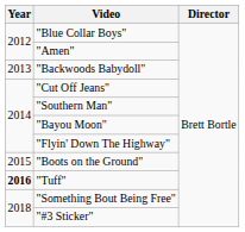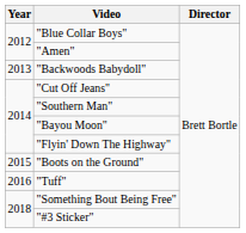 <table class="wikitable">
 <tr>
 <th>Year</th>
 <th>Video</th>
 <th>Director</th>
 </tr>
 <tr>
 <td rowspan="2">2012</td>
 <td>"Blue Collar Boys"</td>
 <td rowspan="11">Brett Bortle</td>
 </tr>
 <tr>
 <td>"Amen"</td>
 </tr>
 <tr>
 <td>2013</td>
 <td>"Backwoods Babydoll"</td>
 </tr>
 <tr>
 <td rowspan="4">2014</td>
 <td>"Cut Off Jeans"</td>
 </tr>
 <tr>
 <td>"Southern Man"</td>
 </tr>
 <tr>
 <td>"Bayou Moon"</td>
 </tr>
 <tr>
 <td>"Flyin' Down The Highway"</td>
 </tr>
 <tr>
 <td>2015</td>
 <td>"Boots on the Ground"</td>
 </tr>
 <tr>
-<td><strong>2016</strong></td>
+<td>2016</td>
 <td>"Tuff"</td>
 </tr>
 <tr>
 <td rowspan="2">2018</td>
 <td>"Something Bout Being Free"</td>
 </tr>
 <tr>
 <td>"#3 Sticker"</td>
 </tr>
 </table>
